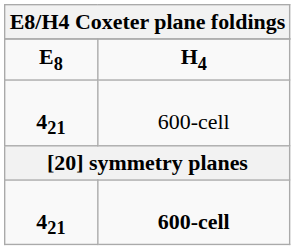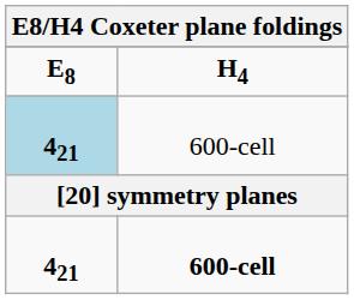 <table class="wikitable collapsible collapsed">
 <tr>
 <th colspan=2>E8/H4 Coxeter plane foldings</th>
 </tr>
 <tr>
 </tr>
 <tr align=center valign=top>
 <td><strong>E<sub>8</sub></strong> </td>
 <td><strong>H<sub>4</sub></strong> </td>
 </tr>
 <tr align=center valign=top>
-<td><br><strong>4<sub>21</sub></strong></td>
+<td style="background: lightblue;"><br><strong>4<sub>21</sub></strong></td>
 <td><br>600-cell</td>
 </tr>
 <tr>
 <th colspan=2>[20] symmetry planes</th>
 </tr>
 <tr align=center valign=top>
 <td><br><strong>4<sub>21</sub></strong></td>
 <td><strong><br>600-cell</strong></td>
 </tr>
 </table>
